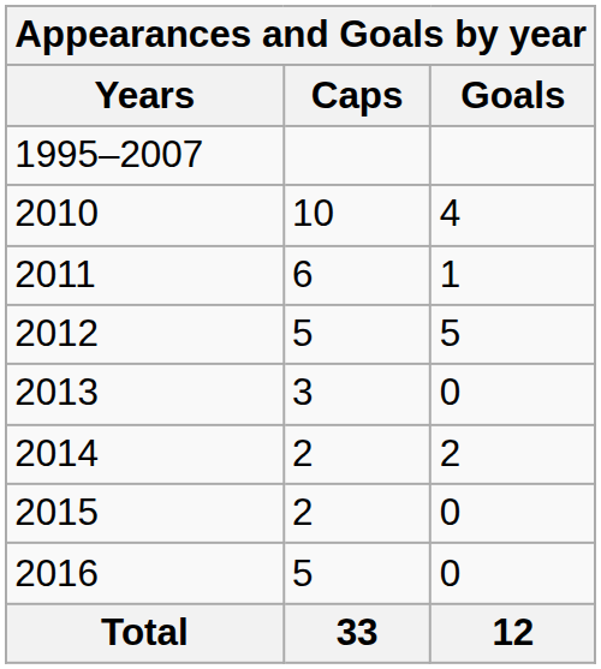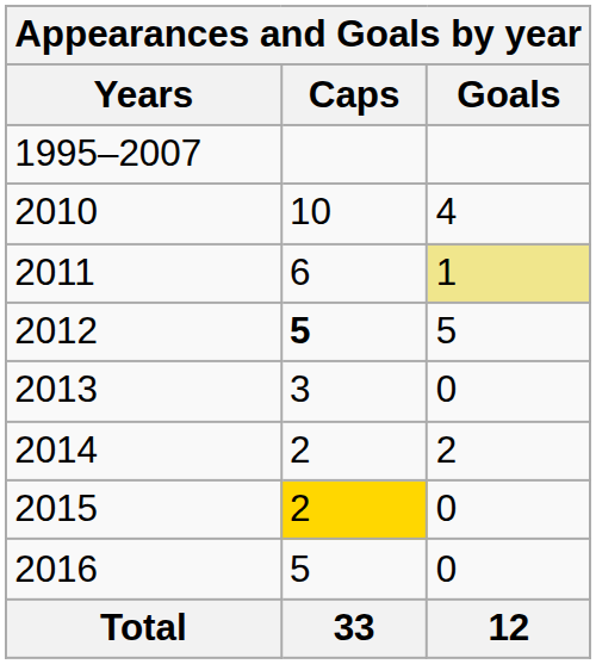 <table class="wikitable sortable">
 <tr>
 <th colspan="3">Appearances and Goals by year</th>
 </tr>
 <tr>
 <th>Years</th>
 <th>Caps</th>
 <th>Goals</th>
 </tr>
 <tr>
 <td>1995–2007</td>
 <td></td>
 <td></td>
 </tr>
 <tr>
 <td>2010</td>
 <td>10</td>
 <td>4</td>
 </tr>
 <tr>
 <td>2011</td>
 <td>6</td>
-<td>1</td>
+<td style="background: khaki;">1</td>
 </tr>
 <tr>
 <td>2012</td>
-<td>5</td>
+<td><strong>5</strong></td>
 <td>5</td>
 </tr>
 <tr>
 <td>2013</td>
 <td>3</td>
 <td>0</td>
 </tr>
 <tr>
 <td>2014</td>
 <td>2</td>
 <td>2</td>
 </tr>
 <tr>
 <td>2015</td>
-<td>2</td>
+<td style="background: gold;">2</td>
 <td>0</td>
 </tr>
 <tr>
 <td>2016</td>
 <td>5</td>
 <td>0</td>
 </tr>
 <tr>
 <th>Total</th>
 <th>33</th>
 <th>12</th>
 </tr>
 </table>
